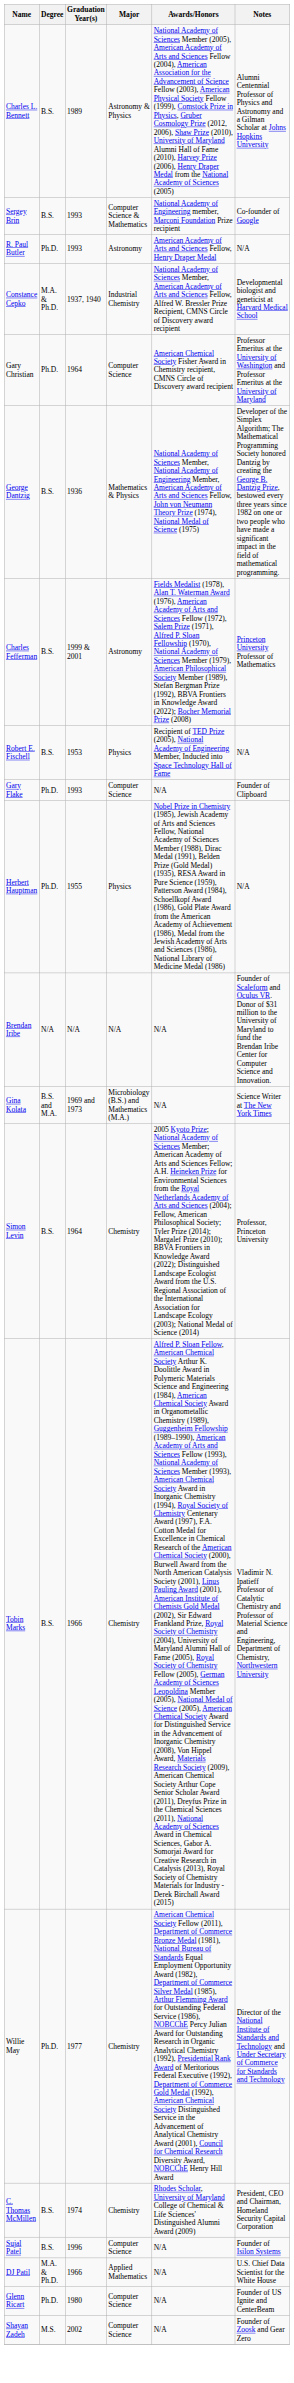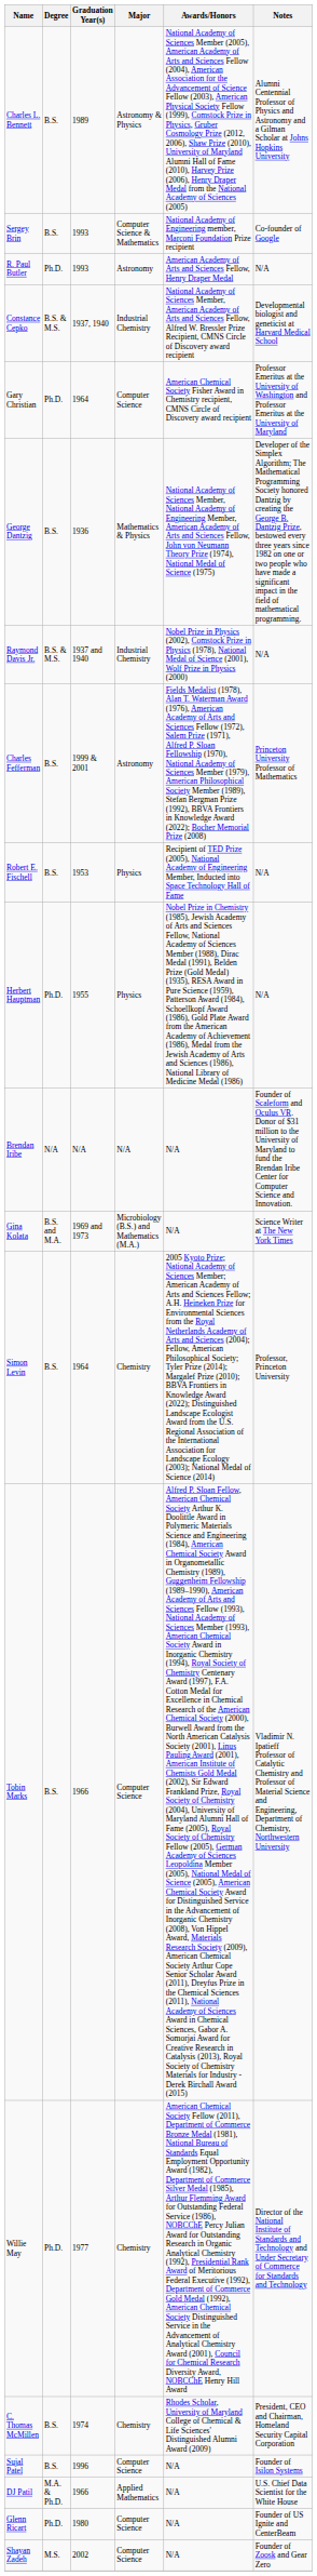 <table class="wikitable sortable">
 <tr>
 <th>Name</th>
 <th>Degree</th>
 <th>Graduation Year(s)</th>
 <th>Major</th>
 <th>Awards/Honors</th>
 <th>Notes</th>
 </tr>
 <tr>
 <td><a href='#'>Charles L. Bennett</a></td>
 <td>B.S.</td>
 <td>1989</td>
 <td>Astronomy & Physics</td>
 <td><a href='#'>National Academy of Sciences</a> Member (2005), <a href='#'>American Academy of Arts and Sciences</a> Fellow (2004), <a href='#'>American Association for the Advancement of Science</a> Fellow (2003), <a href='#'>American Physical Society</a> Fellow (1999), <a href='#'>Comstock Prize in Physics</a>, <a href='#'>Gruber Cosmology Prize</a> (2012, 2006), <a href='#'>Shaw Prize</a> (2010), <a href='#'>University of Maryland</a> Alumni Hall of Fame (2010), <a href='#'>Harvey Prize</a> (2006), <a href='#'>Henry Draper Medal</a> from the <a href='#'>National Academy of Sciences</a> (2005)</td>
 <td>Alumni Centennial Professor of Physics and Astronomy and a Gilman Scholar at <a href='#'>Johns Hopkins University</a></td>
 </tr>
 <tr>
 <td><a href='#'>Sergey Brin</a></td>
 <td>B.S.</td>
 <td>1993</td>
 <td>Computer Science & Mathematics</td>
 <td><a href='#'>National Academy of Engineering</a> member, <a href='#'>Marconi Foundation</a> Prize recipient</td>
 <td>Co-founder of <a href='#'>Google</a></td>
 </tr>
 <tr>
 <td><a href='#'>R. Paul Butler</a></td>
 <td>Ph.D.</td>
 <td>1993</td>
 <td>Astronomy</td>
 <td><a href='#'>American Academy of Arts and Sciences</a> Fellow, <a href='#'>Henry Draper Medal</a></td>
 <td>N/A</td>
 </tr>
 <tr>
 <td><a href='#'>Constance Cepko</a></td>
-<td>M.A. & Ph.D.</td>
+<td>B.S. & M.S.</td>
 <td>1937, 1940</td>
 <td>Industrial Chemistry</td>
 <td><a href='#'>National Academy of Sciences</a> Member, <a href='#'>American Academy of Arts and Sciences</a> Fellow, Alfred W. Bressler Prize Recipient, CMNS Circle of Discovery award recipient</td>
 <td>Developmental biologist and geneticist at <a href='#'>Harvard Medical School</a></td>
 </tr>
 <tr>
 <td>Gary Christian</td>
 <td>Ph.D.</td>
 <td>1964</td>
 <td>Computer Science</td>
 <td><a href='#'>American Chemical Society</a> Fisher Award in Chemistry recipient, CMNS Circle of Discovery award recipient</td>
 <td>Professor Emeritus at the <a href='#'>University of Washington</a> and Professor Emeritus at the <a href='#'>University of Maryland</a></td>
 </tr>
 <tr>
 <td><a href='#'>George Dantzig</a></td>
 <td>B.S.</td>
 <td>1936</td>
 <td>Mathematics & Physics</td>
 <td><a href='#'>National Academy of Sciences</a> Member, <a href='#'>National Academy of Engineering</a> Member, <a href='#'>American Academy of Arts and Sciences</a> Fellow, <a href='#'>John von Neumann Theory Prize</a> (1974), <a href='#'>National Medal of Science</a> (1975)</td>
 <td>Developer of the Simplex Algorithm; The Mathematical Programming Society honored Dantzig by creating the <a href='#'>George B. Dantzig Prize</a>, bestowed every three years since 1982 on one or two people who have made a significant impact in the field of mathematical programming.</td>
 </tr>
 <tr>
+<td><a href='#'>Raymond Davis Jr.</a></td>
+<td>B.S. & M.S.</td>
+<td>1937 and 1940</td>
+<td>Industrial Chemistry</td>
+<td><a href='#'>Nobel Prize in Physics</a> (2002), <a href='#'>Comstock Prize in Physics</a> (1978), <a href='#'>National Medal of Science</a> (2001), <a href='#'>Wolf Prize in Physics</a> (2000)</td>
+<td>N/A</td>
+</tr>
+<tr>
 <td><a href='#'>Charles Fefferman</a></td>
 <td>B.S.</td>
 <td>1999 & 2001</td>
 <td>Astronomy</td>
 <td><a href='#'>Fields Medalist</a> (1978), <a href='#'>Alan T. Waterman Award</a> (1976), <a href='#'>American Academy of Arts and Sciences</a> Fellow (1972), <a href='#'>Salem Prize</a> (1971), <a href='#'>Alfred P. Sloan Fellowship</a> (1970), <a href='#'>National Academy of Sciences</a> Member (1979), <a href='#'>American Philosophical Society</a> Member (1989), Stefan Bergman Prize (1992), BBVA Frontiers in Knowledge Award (2022); <a href='#'>Bocher Memorial Prize</a> (2008)</td>
 <td><a href='#'>Princeton University</a> Professor of Mathematics</td>
 </tr>
 <tr>
 <td><a href='#'>Robert E. Fischell</a></td>
 <td>B.S.</td>
 <td>1953</td>
 <td>Physics</td>
 <td>Recipient of <a href='#'>TED Prize</a> (2005), <a href='#'>National Academy of Engineering</a> Member, Inducted into <a href='#'>Space Technology Hall of Fame</a></td>
 <td>N/A</td>
-</tr>
-<tr>
-<td><a href='#'>Gary Flake</a></td>
-<td>Ph.D.</td>
-<td>1993</td>
-<td>Computer Science</td>
-<td>N/A</td>
-<td>Founder of Clipboard</td>
 </tr>
 <tr>
 <td><a href='#'>Herbert Hauptman</a></td>
 <td>Ph.D.</td>
 <td>1955</td>
 <td>Physics</td>
 <td><a href='#'>Nobel Prize in Chemistry</a> (1985), Jewish Academy of Arts and Sciences Fellow, National Academy of Sciences Member (1988), Dirac Medal (1991), Belden Prize (Gold Medal) (1935), RESA Award in Pure Science (1959), Patterson Award (1984), Schoellkopf Award (1986), Gold Plate Award from the American Academy of Achievement (1986), Medal from the Jewish Academy of Arts and Sciences (1986), National Library of Medicine Medal (1986)</td>
 <td>N/A</td>
 </tr>
 <tr>
 <td><a href='#'>Brendan Iribe</a></td>
 <td>N/A</td>
 <td>N/A</td>
 <td>N/A</td>
 <td>N/A</td>
 <td>Founder of <a href='#'>Scaleform</a> and <a href='#'>Oculus VR</a>. Donor of $31 million to the University of Maryland to fund the Brendan Iribe Center for Computer Science and Innovation.</td>
 </tr>
 <tr>
 <td><a href='#'>Gina Kolata</a></td>
 <td>B.S. and M.A.</td>
 <td>1969 and 1973</td>
 <td>Microbiology (B.S.) and Mathematics (M.A.)</td>
 <td>N/A</td>
 <td>Science Writer at <a href='#'>The New York Times</a></td>
 </tr>
 <tr>
 <td><a href='#'>Simon Levin</a></td>
 <td>B.S.</td>
 <td>1964</td>
 <td>Chemistry</td>
 <td>2005 <a href='#'>Kyoto Prize</a>; <a href='#'>National Academy of Sciences</a> Member; American Academy of Arts and Sciences Fellow; A.H. <a href='#'>Heineken Prize</a> for Environmental Sciences from the <a href='#'>Royal Netherlands Academy of Arts and Sciences</a> (2004); Fellow, American Philosophical Society; Tyler Prize (2014); Margalef Prize (2010); BBVA Frontiers in Knowledge Award (2022); Distinguished Landscape Ecologist Award from the U.S. Regional Association of the International Association for Landscape Ecology (2003); National Medal of Science (2014)</td>
 <td>Professor, Princeton University</td>
 </tr>
 <tr>
 <td><a href='#'>Tobin Marks</a></td>
 <td>B.S.</td>
 <td>1966</td>
-<td>Chemistry</td>
+<td>Computer Science</td>
 <td><a href='#'>Alfred P. Sloan Fellow</a>, <a href='#'>American Chemical Society</a> Arthur K. Doolittle Award in Polymeric Materials Science and Engineering (1984), <a href='#'>American Chemical Society</a> Award in Organometallic Chemistry (1989), <a href='#'>Guggenheim Fellowship</a> (1989–1990), <a href='#'>American Academy of Arts and Sciences</a> Fellow (1993), <a href='#'>National Academy of Sciences</a> Member (1993), <a href='#'>American Chemical Society</a> Award in Inorganic Chemistry (1994), <a href='#'>Royal Society of Chemistry</a> Centenary Award (1997), F.A. Cotton Medal for Excellence in Chemical Research of the <a href='#'>American Chemical Society</a> (2000), Burwell Award from the North American Catalysis Society (2001), <a href='#'>Linus Pauling Award</a> (2001), <a href='#'>American Institute of Chemists Gold Medal</a> (2002), Sir Edward Frankland Prize, <a href='#'>Royal Society of Chemistry</a> (2004), University of Maryland Alumni Hall of Fame (2005), <a href='#'>Royal Society of Chemistry</a> Fellow (2005), <a href='#'>German Academy of Sciences Leopoldina</a> Member (2005), <a href='#'>National Medal of Science</a> (2005), <a href='#'>American Chemical Society</a> Award for Distinguished Service in the Advancement of Inorganic Chemistry (2008), Von Hippel Award, <a href='#'>Materials Research Society</a> (2009), American Chemical Society Arthur Cope Senior Scholar Award (2011), Dreyfus Prize in the Chemical Sciences (2011), <a href='#'>National Academy of Sciences</a> Award in Chemical Sciences, Gabor A. Somorjai Award for Creative Research in Catalysis (2013), Royal Society of Chemistry Materials for Industry - Derek Birchall Award (2015)</td>
 <td>Vladimir N. Ipatieff Professor of Catalytic Chemistry and Professor of Material Science and Engineering, Department of Chemistry, <a href='#'>Northwestern University</a></td>
 </tr>
 <tr>
 <td>Willie May</td>
 <td>Ph.D.</td>
 <td>1977</td>
 <td>Chemistry</td>
 <td><a href='#'>American Chemical Society</a> Fellow (2011), <a href='#'>Department of Commerce Bronze Medal</a> (1981), <a href='#'>National Bureau of Standards</a> Equal Employment Opportunity Award (1982), <a href='#'>Department of Commerce Silver Medal</a> (1985), <a href='#'>Arthur Flemming Award</a> for Outstanding Federal Service (1986), <a href='#'>NOBCChE</a> Percy Julian Award for Outstanding Research in Organic Analytical Chemistry (1992), <a href='#'>Presidential Rank Award</a> of Meritorious Federal Executive (1992), <a href='#'>Department of Commerce Gold Medal</a> (1992), <a href='#'>American Chemical Society</a> Distinguished Service in the Advancement of Analytical Chemistry Award (2001), <a href='#'>Council for Chemical Research</a> Diversity Award, <a href='#'>NOBCChE</a> Henry Hill Award</td>
 <td>Director of the <a href='#'>National Institute of Standards and Technology</a> and <a href='#'>Under Secretary of Commerce for Standards and Technology</a></td>
 </tr>
 <tr>
 <td><a href='#'>C. Thomas McMillen</a></td>
 <td>B.S.</td>
 <td>1974</td>
 <td>Chemistry</td>
 <td><a href='#'>Rhodes Scholar</a>, <a href='#'>University of Maryland</a> College of Chemical & Life Sciences' Distinguished Alumni Award (2009)</td>
 <td>President, CEO and Chairman, Homeland Security Capital Corporation</td>
 </tr>
 <tr>
 <td><a href='#'>Sujal Patel</a></td>
 <td>B.S.</td>
 <td>1996</td>
 <td>Computer Science</td>
 <td>N/A</td>
 <td>Founder of <a href='#'>Isilon Systems</a></td>
 </tr>
 <tr>
 <td><a href='#'>DJ Patil</a></td>
 <td>M.A. & Ph.D.</td>
 <td>1966</td>
 <td>Applied Mathematics</td>
 <td>N/A</td>
 <td>U.S. Chief Data Scientist for the White House</td>
 </tr>
 <tr>
 <td><a href='#'>Glenn Ricart</a></td>
 <td>Ph.D.</td>
 <td>1980</td>
 <td>Computer Science</td>
 <td>N/A</td>
 <td>Founder of US Ignite and CenterBeam</td>
 </tr>
 <tr>
 <td><a href='#'>Shayan Zadeh</a></td>
 <td>M.S.</td>
 <td>2002</td>
 <td>Computer Science</td>
 <td>N/A</td>
 <td>Founder of <a href='#'>Zoosk</a> and Gear Zero</td>
 </tr>
 <tr>
 </tr>
 </table>
